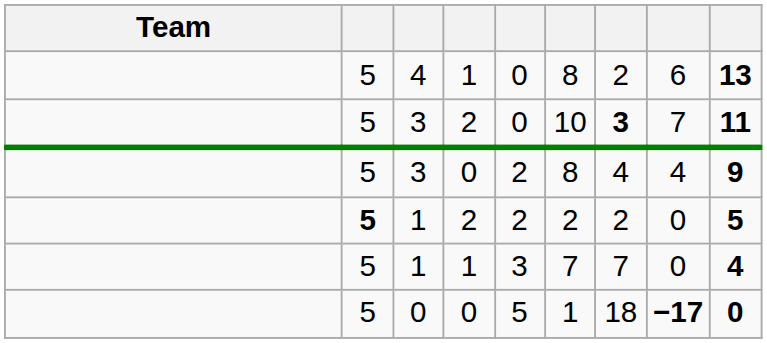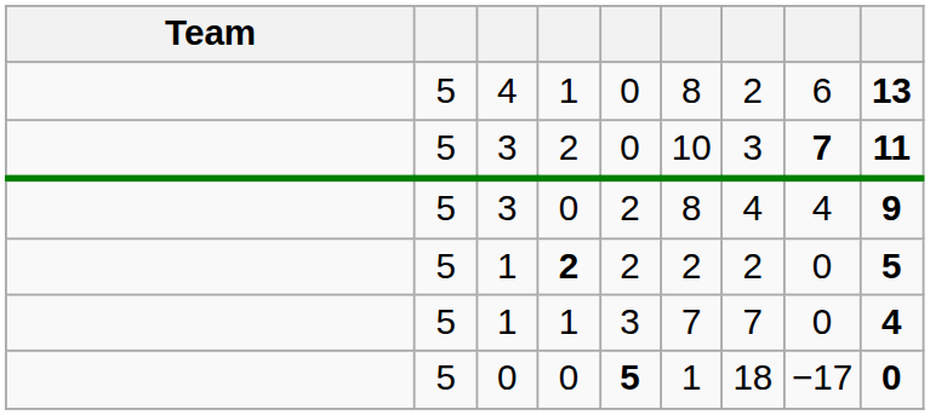 <table class="wikitable" style="text-align: center;">
 <tr>
 <th width="175">Team</th>
 <th width="20"></th>
 <th width="20"></th>
 <th width="20"></th>
 <th width="20"></th>
 <th width="20"></th>
 <th width="20"></th>
 <th width="20"></th>
 <th width="20"></th>
 </tr>
 <tr>
 <td style="text-align:left;"></td>
 <td>5</td>
 <td>4</td>
 <td>1</td>
 <td>0</td>
 <td>8</td>
 <td>2</td>
 <td>6</td>
 <td><strong>13</strong></td>
 </tr>
 <tr style="border-bottom:3px solid green;">
 <td style="text-align:left;"></td>
 <td>5</td>
 <td>3</td>
 <td>2</td>
 <td>0</td>
 <td>10</td>
-<td><strong>3</strong></td>
-<td>7</td>
+<td>3</td>
+<td><strong>7</strong></td>
 <td><strong>11</strong></td>
 </tr>
 <tr>
 <td style="text-align:left;"></td>
 <td>5</td>
 <td>3</td>
 <td>0</td>
 <td>2</td>
 <td>8</td>
 <td>4</td>
 <td>4</td>
 <td><strong>9</strong></td>
 </tr>
 <tr>
 <td style="text-align:left;"></td>
-<td><strong>5</strong></td>
+<td>5</td>
 <td>1</td>
-<td>2</td>
+<td><strong>2</strong></td>
 <td>2</td>
 <td>2</td>
 <td>2</td>
 <td>0</td>
 <td><strong>5</strong></td>
 </tr>
 <tr>
 <td style="text-align:left;"></td>
 <td>5</td>
 <td>1</td>
 <td>1</td>
 <td>3</td>
 <td>7</td>
 <td>7</td>
 <td>0</td>
 <td><strong>4</strong></td>
 </tr>
 <tr>
 <td style="text-align:left;"></td>
 <td>5</td>
 <td>0</td>
 <td>0</td>
-<td>5</td>
+<td><strong>5</strong></td>
 <td>1</td>
 <td>18</td>
-<td><strong>−17</strong></td>
+<td>−17</td>
 <td><strong>0</strong></td>
 </tr>
 </table>
